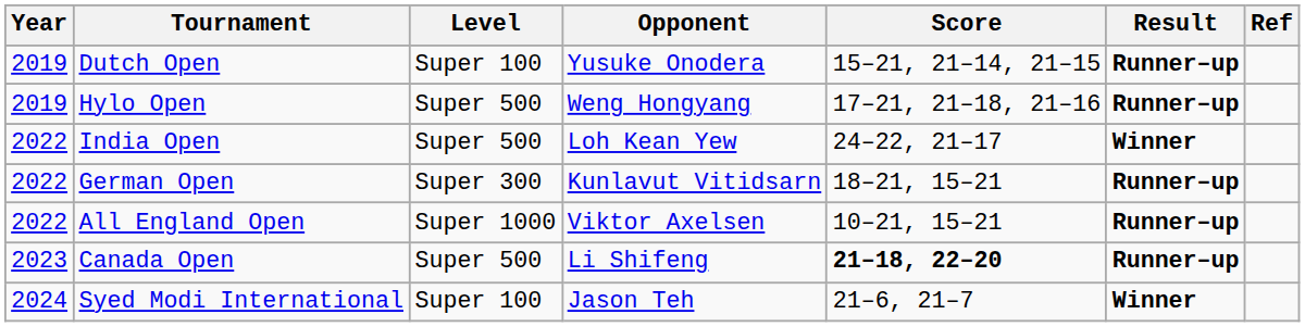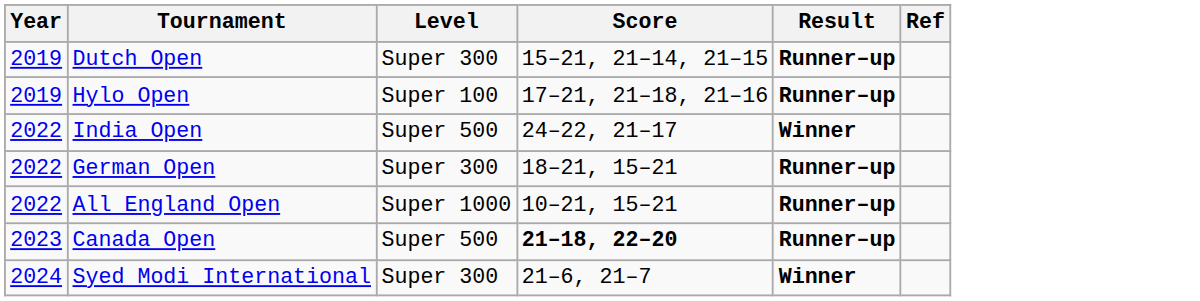 <table class="sortable wikitable" style="font-size: 90%;">
 <tr>
 <th>Year</th>
 <th>Tournament</th>
 <th>Level</th>
-<th>Opponent</th>
 <th>Score</th>
 <th>Result</th>
 <th>Ref</th>
 </tr>
 <tr>
 <td align="center"><a href='#'>2019</a></td>
 <td align="left"><a href='#'>Dutch Open</a></td>
-<td align="left">Super 100</td>
-<td align="left"> <a href='#'>Yusuke Onodera</a></td>
+<td align="left">Super 300</td>
 <td align="left">15–21, 21–14, 21–15</td>
 <td style="text-align:left;"> <strong>Runner–up</strong></td>
 <td></td>
 </tr>
 <tr>
 <td align="center"><a href='#'>2019</a></td>
 <td align="left"><a href='#'>Hylo Open</a></td>
-<td align="left">Super 500</td>
-<td align="left"> <a href='#'>Weng Hongyang</a></td>
+<td align="left">Super 100</td>
 <td align="left">17–21, 21–18, 21–16</td>
 <td style="text-align:left;"> <strong>Runner–up</strong></td>
 <td></td>
 </tr>
 <tr>
 <td align="center"><a href='#'>2022</a></td>
 <td align="left"><a href='#'>India Open</a></td>
 <td align="left">Super 500</td>
-<td align="left"> <a href='#'>Loh Kean Yew</a></td>
 <td align="left">24–22, 21–17</td>
 <td style="text-align:left;"> <strong>Winner</strong></td>
 <td></td>
 </tr>
 <tr>
 <td align="center"><a href='#'>2022</a></td>
 <td align="left"><a href='#'>German Open</a></td>
 <td align="left">Super 300</td>
-<td align="left"> <a href='#'>Kunlavut Vitidsarn</a></td>
 <td align="left">18–21, 15–21</td>
 <td style="text-align:left;"> <strong>Runner–up</strong></td>
 <td></td>
 </tr>
 <tr>
 <td align="center"><a href='#'>2022</a></td>
 <td align="left"><a href='#'>All England Open</a></td>
 <td align="left">Super 1000</td>
-<td align="left"> <a href='#'>Viktor Axelsen</a></td>
 <td align="left">10–21, 15–21</td>
 <td style="text-align:left;"> <strong>Runner–up</strong></td>
 <td></td>
 </tr>
 <tr>
 <td align="center"><a href='#'>2023</a></td>
 <td align="left"><a href='#'>Canada Open</a></td>
 <td align="left">Super 500</td>
-<td align="left"> <a href='#'>Li Shifeng</a></td>
 <td align="left"><strong>21–18, 22–20</strong></td>
 <td style="text-align:left;"> <strong>Runner–up</strong></td>
 <td></td>
 </tr>
 <tr>
 <td align="center"><a href='#'>2024</a></td>
 <td align="left"><a href='#'>Syed Modi International</a></td>
-<td align="left">Super 100</td>
-<td align="left"> <a href='#'>Jason Teh</a></td>
+<td align="left">Super 300</td>
 <td align="left">21–6, 21–7</td>
 <td style="text-align:left;"> <strong>Winner</strong></td>
 <td></td>
 </tr>
 </table>
